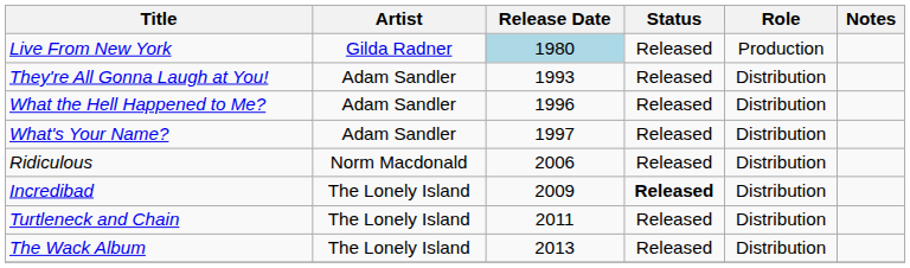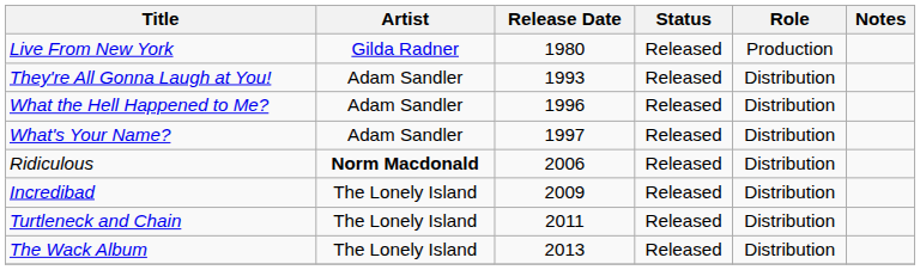 <table class="wikitable sortable" width="800px">
 <tr>
 <th>Title</th>
 <th>Artist</th>
 <th>Release Date</th>
 <th>Status</th>
 <th>Role</th>
 <th>Notes</th>
 </tr>
 <tr>
 <td><em><a href='#'>Live From New York</a></em></td>
 <td align="center"><a href='#'>Gilda Radner</a></td>
-<td align="center" style="background: lightblue;">1980</td>
+<td align="center">1980</td>
 <td align="center">Released</td>
 <td align="center">Production</td>
 <td></td>
 </tr>
 <tr>
 <td><em><a href='#'>They're All Gonna Laugh at You!</a></em></td>
 <td align="center">Adam Sandler</td>
 <td align="center">1993</td>
 <td align="center">Released</td>
 <td align="center">Distribution</td>
 <td></td>
 </tr>
 <tr>
 <td><em><a href='#'>What the Hell Happened to Me?</a></em></td>
 <td align="center">Adam Sandler</td>
 <td align="center">1996</td>
 <td align="center">Released</td>
 <td align="center">Distribution</td>
 <td></td>
 </tr>
 <tr>
 <td><em><a href='#'>What's Your Name?</a></em></td>
 <td align="center">Adam Sandler</td>
 <td align="center">1997</td>
 <td align="center">Released</td>
 <td align="center">Distribution</td>
 <td></td>
 </tr>
 <tr>
 <td><em>Ridiculous</em></td>
-<td align="center">Norm Macdonald</td>
+<td align="center"><strong>Norm Macdonald</strong></td>
 <td align="center">2006</td>
 <td align="center">Released</td>
 <td align="center">Distribution</td>
 <td></td>
 </tr>
 <tr>
 <td><em><a href='#'>Incredibad</a></em></td>
 <td align="center">The Lonely Island</td>
 <td align="center">2009</td>
-<td align="center"><strong>Released</strong></td>
+<td align="center">Released</td>
 <td align="center">Distribution</td>
 <td></td>
 </tr>
 <tr>
 <td><em><a href='#'>Turtleneck and Chain</a></em></td>
 <td align="center">The Lonely Island</td>
 <td align="center">2011</td>
 <td align="center">Released</td>
 <td align="center">Distribution</td>
 <td></td>
 </tr>
 <tr>
 <td><em><a href='#'>The Wack Album</a></em></td>
 <td align="center">The Lonely Island</td>
 <td align="center">2013</td>
 <td align="center">Released</td>
 <td align="center">Distribution</td>
 <td></td>
 </tr>
 <tr>
 </tr>
 </table>
